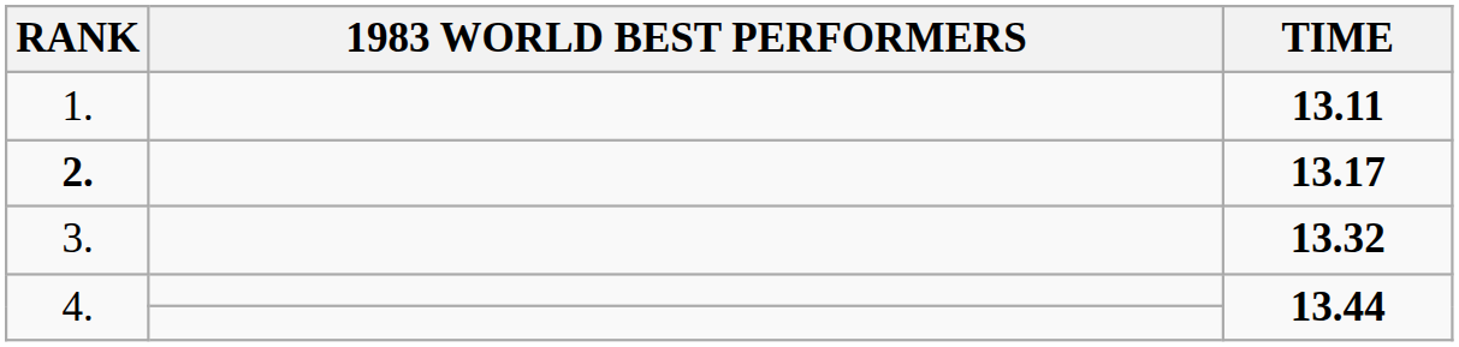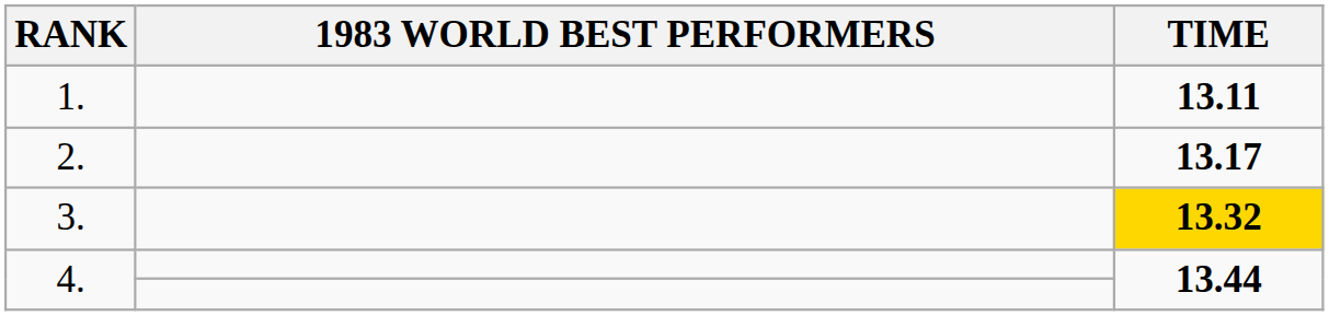 <table class=wikitable>
 <tr>
 <th>RANK</th>
 <th align="center" style="width: 25em">1983 WORLD BEST PERFORMERS</th>
 <th align="center" style="width: 5em">TIME</th>
 </tr>
 <tr>
 <td align="center">1.</td>
 <td></td>
 <td align="center"><strong>13.11</strong></td>
 </tr>
 <tr>
-<td align="center"><strong>2.</strong></td>
+<td align="center">2.</td>
 <td></td>
 <td align="center"><strong>13.17</strong></td>
 </tr>
 <tr>
 <td align="center">3.</td>
 <td></td>
-<td align="center"><strong>13.32</strong></td>
+<td align="center" style="background: gold;"><strong>13.32</strong></td>
 </tr>
 <tr>
 <td rowspan=2 align="center">4.</td>
 <td></td>
 <td rowspan=2 align="center"><strong>13.44</strong></td>
 </tr>
 <tr>
 <td></td>
 </tr>
 </table>
